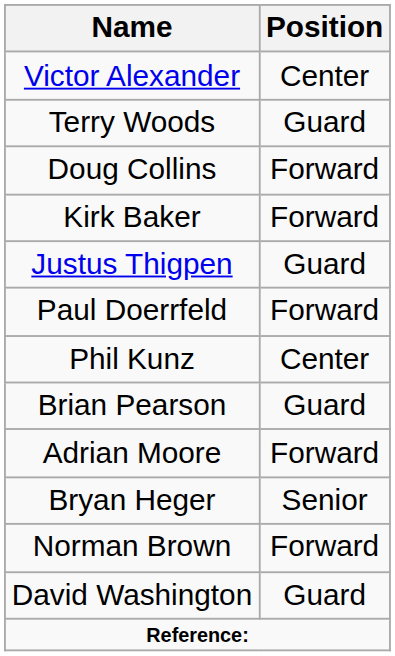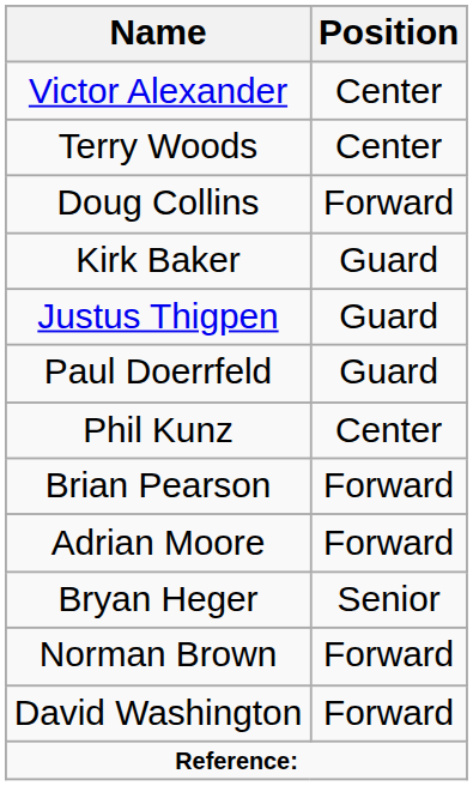 <table class="wikitable" style="text-align: center">
 <tr>
 <th>Name</th>
 <th>Position</th>
 </tr>
 <tr>
 <td><a href='#'>Victor Alexander</a></td>
 <td>Center</td>
 </tr>
 <tr>
 <td>Terry Woods</td>
-<td>Guard</td>
+<td>Center</td>
 </tr>
 <tr>
 <td>Doug Collins</td>
 <td>Forward</td>
 </tr>
 <tr>
 <td>Kirk Baker</td>
-<td>Forward</td>
+<td>Guard</td>
 </tr>
 <tr>
 <td><a href='#'>Justus Thigpen</a></td>
 <td>Guard</td>
 </tr>
 <tr>
 <td>Paul Doerrfeld</td>
-<td>Forward</td>
+<td>Guard</td>
 </tr>
 <tr>
 <td>Phil Kunz</td>
 <td>Center</td>
 </tr>
 <tr>
 <td>Brian Pearson</td>
-<td>Guard</td>
+<td>Forward</td>
 </tr>
 <tr>
 <td>Adrian Moore</td>
 <td>Forward</td>
 </tr>
 <tr>
 <td>Bryan Heger</td>
 <td>Senior</td>
 </tr>
 <tr>
 <td>Norman Brown</td>
 <td>Forward</td>
 </tr>
 <tr>
 <td>David Washington</td>
-<td>Guard</td>
+<td>Forward</td>
 </tr>
 <tr>
 <td colspan="5" style="font-size:8pt; text-align:center;"><strong>Reference:</strong></td>
 </tr>
 </table>
